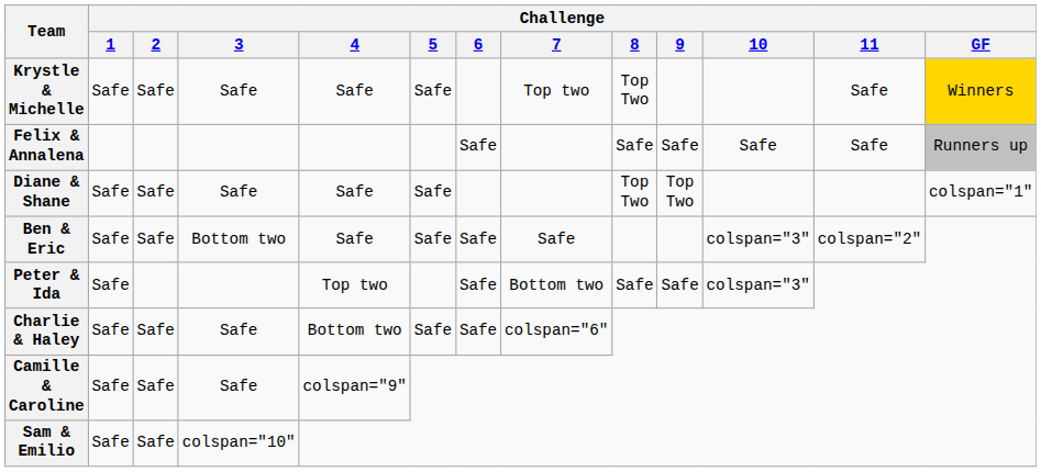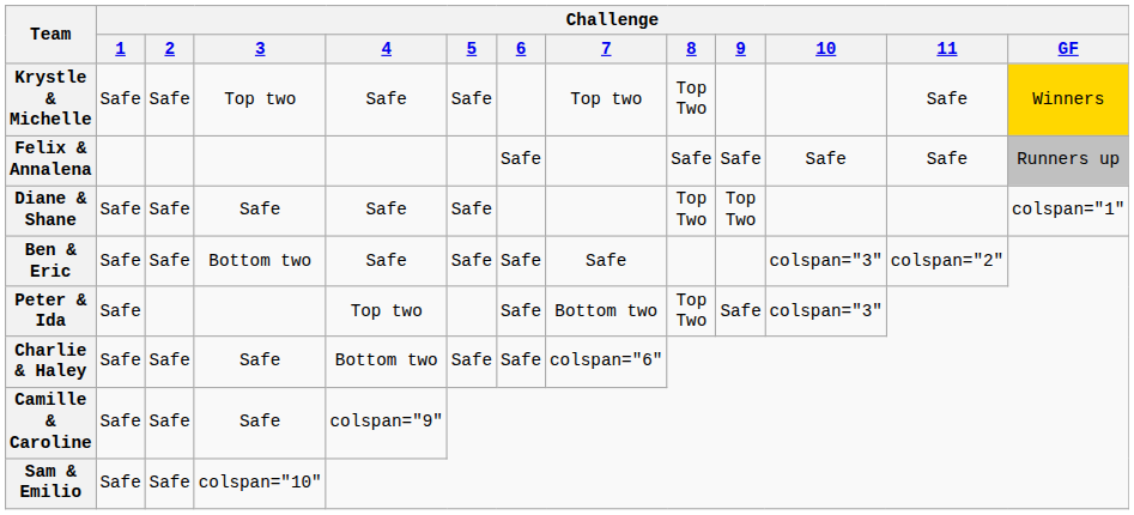 <table class="wikitable plainrowheaders" style="text-align: center; line-height:16px;">
 <tr>
 <th rowspan="2">Team</th>
 <th colspan="12">Challenge</th>
 </tr>
 <tr>
 <th scope="col"><a href='#'>1</a></th>
 <th scope="col"><a href='#'>2</a></th>
 <th scope="col"><a href='#'>3</a></th>
 <th scope="col"><a href='#'>4</a></th>
 <th scope="col"><a href='#'>5</a></th>
 <th scope="col"><a href='#'>6</a></th>
 <th scope="col"><a href='#'>7</a></th>
 <th scope="col"><a href='#'>8</a></th>
 <th scope="col"><a href='#'>9</a></th>
 <th scope="col"><a href='#'>10</a></th>
 <th scope="col"><a href='#'>11</a></th>
 <th scope="col"><a href='#'>GF</a></th>
 </tr>
 <tr>
 <th>Krystle & Michelle</th>
 <td>Safe</td>
 <td>Safe</td>
-<td>Safe</td>
+<td>Top two</td>
 <td>Safe</td>
 <td>Safe</td>
 <td></td>
 <td>Top two</td>
 <td>Top Two</td>
 <td></td>
 <td></td>
 <td>Safe</td>
 <td style="background:gold">Winners</td>
 </tr>
 <tr>
 <th>Felix & Annalena</th>
 <td></td>
 <td></td>
 <td></td>
 <td></td>
 <td></td>
 <td>Safe</td>
 <td></td>
 <td>Safe</td>
 <td>Safe</td>
 <td>Safe</td>
 <td>Safe</td>
 <td style="background:silver">Runners up</td>
 </tr>
 <tr>
 <th>Diane & Shane</th>
 <td>Safe</td>
 <td>Safe</td>
 <td>Safe</td>
 <td>Safe</td>
 <td>Safe</td>
 <td></td>
 <td></td>
 <td>Top Two</td>
 <td>Top Two</td>
 <td></td>
 <td></td>
 <td>colspan="1" </td>
 </tr>
 <tr>
 <th>Ben & Eric</th>
 <td>Safe</td>
 <td>Safe</td>
 <td>Bottom two</td>
 <td>Safe</td>
 <td>Safe</td>
 <td>Safe</td>
 <td>Safe</td>
 <td></td>
 <td></td>
 <td>colspan="3" </td>
 <td>colspan="2" </td>
 </tr>
 <tr>
 <th>Peter & Ida</th>
 <td>Safe</td>
 <td></td>
 <td></td>
 <td>Top two</td>
 <td></td>
 <td>Safe</td>
 <td>Bottom two</td>
-<td>Safe</td>
+<td>Top Two</td>
 <td>Safe</td>
 <td>colspan="3" </td>
 </tr>
 <tr>
 <th>Charlie & Haley</th>
 <td>Safe</td>
 <td>Safe</td>
 <td>Safe</td>
 <td>Bottom two</td>
 <td>Safe</td>
 <td>Safe</td>
 <td>colspan="6" </td>
 </tr>
 <tr>
 <th>Camille & Caroline</th>
 <td>Safe</td>
 <td>Safe</td>
 <td>Safe</td>
 <td>colspan="9" </td>
 </tr>
 <tr>
 <th>Sam & Emilio</th>
 <td>Safe</td>
 <td>Safe</td>
 <td>colspan="10" </td>
 </tr>
 </table>
